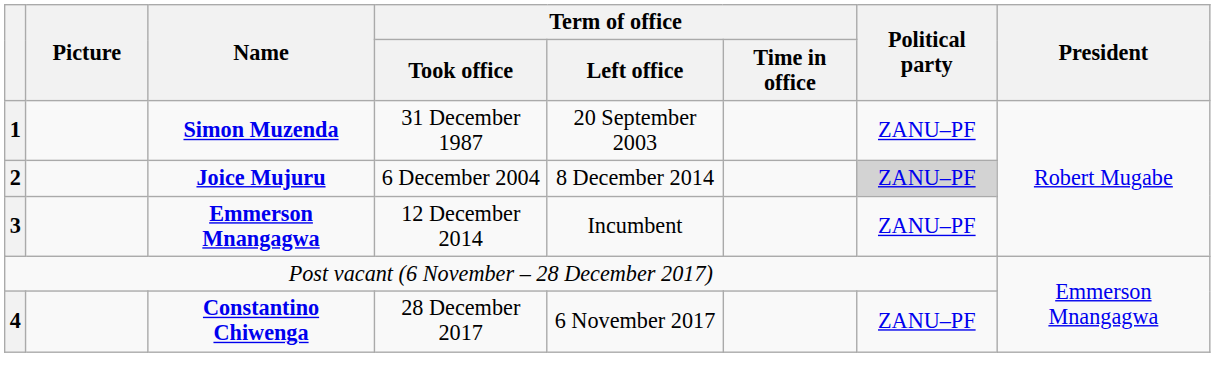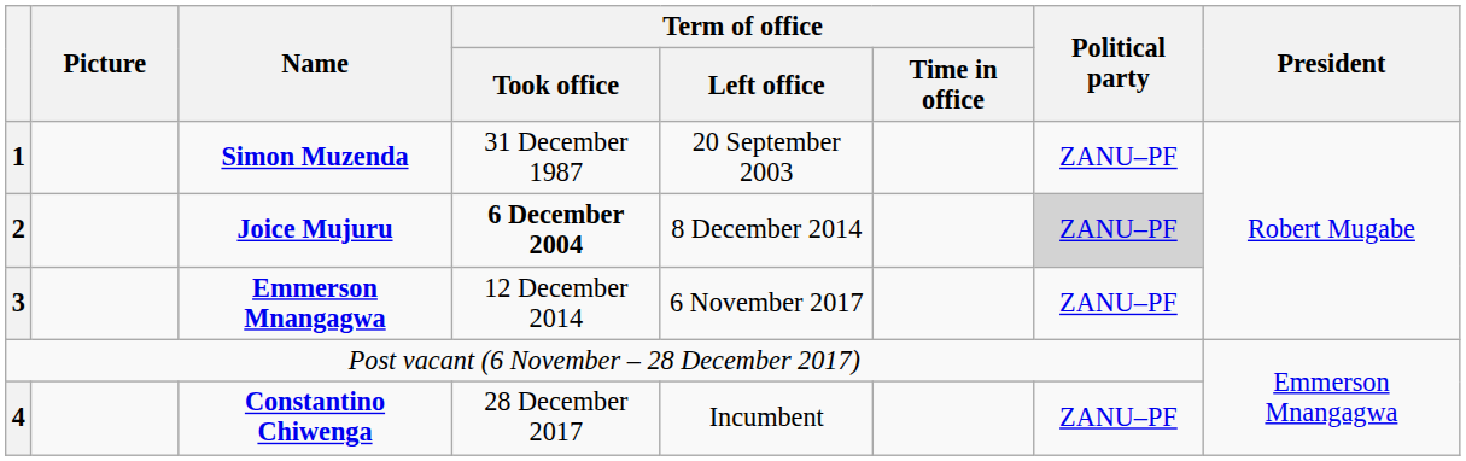 <table class="wikitable" style="text-align:center">
 <tr>
 <th rowspan=2></th>
 <th rowspan=2 style="width:80px;">Picture</th>
 <th rowspan=2>Name<br></th>
 <th colspan=3>Term of office</th>
 <th rowspan=2>Political party</th>
 <th rowspan=2>President</th>
 </tr>
 <tr>
 <th>Took office</th>
 <th>Left office</th>
 <th>Time in office</th>
 </tr>
 <tr>
 <th style="background:">1</th>
 <td></td>
 <td><strong><a href='#'>Simon Muzenda</a></strong><br></td>
 <td>31 December 1987</td>
 <td>20 September 2003</td>
 <td></td>
 <td><a href='#'>ZANU–PF</a></td>
 <td rowspan=4><a href='#'>Robert Mugabe</a><br></td>
 </tr>
 <tr>
 <th style="background:">2</th>
 <td></td>
 <td><strong><a href='#'>Joice Mujuru</a></strong><br></td>
-<td>6 December 2004</td>
+<td><strong>6 December 2004</strong></td>
 <td>8 December 2014</td>
 <td></td>
 <td style="background: lightgrey;"><a href='#'>ZANU–PF</a></td>
 </tr>
 <tr>
 <th style="background:">3</th>
 <td></td>
 <td><strong><a href='#'>Emmerson Mnangagwa</a></strong><br></td>
 <td>12 December 2014</td>
-<td>Incumbent</td>
+<td>6 November 2017</td>
 <td></td>
 <td><a href='#'>ZANU–PF</a></td>
 </tr>
 <tr>
 <td rowspan=2 colspan=7><em>Post vacant (6 November – 28 December 2017)</em></td>
 </tr>
 <tr>
 <td rowspan=2><a href='#'>Emmerson Mnangagwa</a><br></td>
 </tr>
 <tr>
 <th style="background:">4</th>
 <td></td>
 <td><strong><a href='#'>Constantino Chiwenga</a></strong><br></td>
 <td>28 December 2017</td>
-<td>6 November 2017</td>
+<td>Incumbent</td>
 <td></td>
 <td><a href='#'>ZANU–PF</a></td>
 </tr>
 </table>
